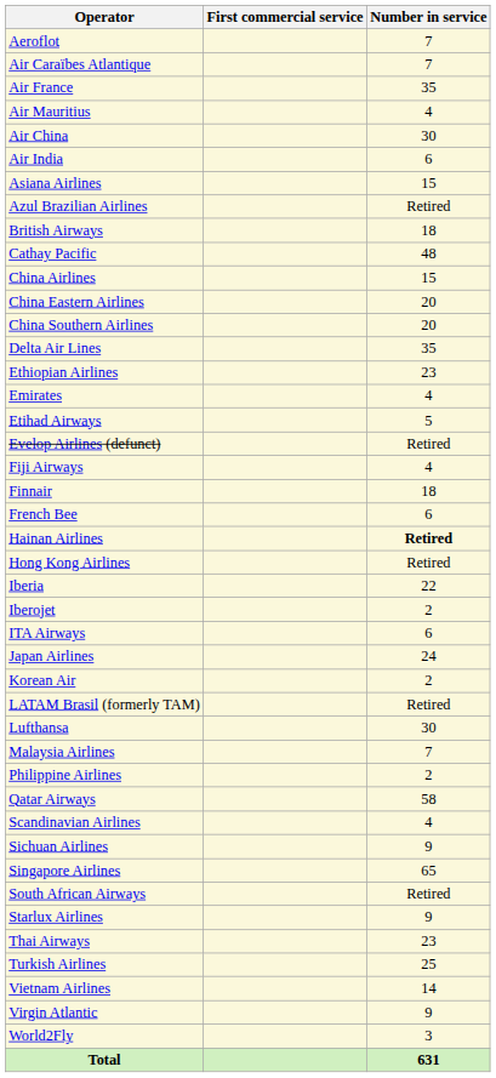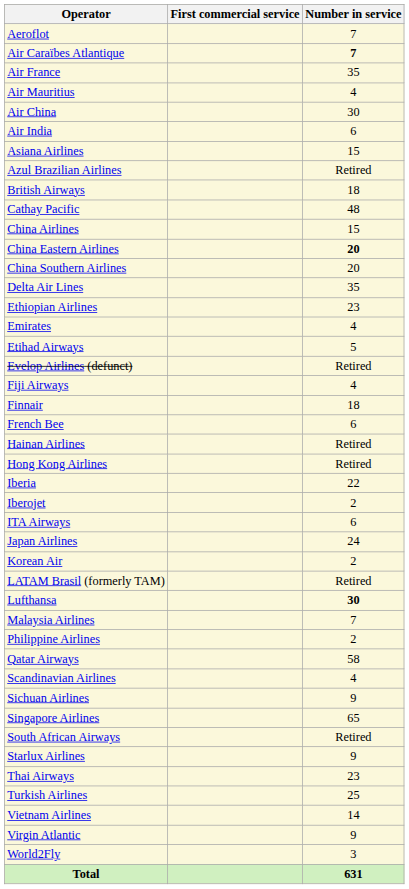 <table class="wikitable sortable sticky-header mw-collapsible" style="text-align:center; background:#fbf8db">
 <tr style="background:#cdf;">
 <th>Operator</th>
 <th>First commercial service</th>
 <th>Number in service</th>
 </tr>
 <tr>
 <td style="text-align:left;"><a href='#'>Aeroflot</a></td>
 <td></td>
 <td>7</td>
 </tr>
 <tr>
 <td style="text-align:left;"><a href='#'>Air Caraïbes Atlantique</a></td>
 <td></td>
-<td>7</td>
+<td><strong>7</strong></td>
 </tr>
 <tr>
 <td align='left'><a href='#'>Air France</a></td>
 <td></td>
 <td>35</td>
 </tr>
 <tr>
 <td style="text-align:left;"><a href='#'>Air Mauritius</a></td>
 <td></td>
 <td>4</td>
 </tr>
 <tr>
 <td style="text-align:left;"><a href='#'>Air China</a></td>
 <td></td>
 <td>30</td>
 </tr>
 <tr>
 <td align='left'><a href='#'>Air India</a></td>
 <td></td>
 <td>6</td>
 </tr>
 <tr>
 <td style="text-align:left;"><a href='#'>Asiana Airlines</a></td>
 <td></td>
 <td>15</td>
 </tr>
 <tr>
 <td align='left'><a href='#'>Azul Brazilian Airlines</a></td>
 <td></td>
 <td>Retired</td>
 </tr>
 <tr>
 <td style="text-align:left;"><a href='#'>British Airways</a></td>
 <td></td>
 <td>18</td>
 </tr>
 <tr>
 <td style="text-align:left;"><a href='#'>Cathay Pacific</a></td>
 <td></td>
 <td>48</td>
 </tr>
 <tr>
 <td align='left'><a href='#'>China Airlines</a></td>
 <td></td>
 <td>15</td>
 </tr>
 <tr>
 <td align='left'><a href='#'>China Eastern Airlines</a></td>
 <td></td>
-<td>20</td>
+<td><strong>20</strong></td>
 </tr>
 <tr>
 <td align='left'><a href='#'>China Southern Airlines</a></td>
 <td></td>
 <td>20</td>
 </tr>
 <tr>
 <td style="text-align:left;"><a href='#'>Delta Air Lines</a></td>
 <td></td>
 <td>35</td>
 </tr>
 <tr>
 <td align='left'><a href='#'>Ethiopian Airlines</a></td>
 <td></td>
 <td>23</td>
 </tr>
 <tr>
 <td align='left'><a href='#'>Emirates</a></td>
 <td></td>
 <td>4</td>
 </tr>
 <tr>
 <td align='left'><a href='#'>Etihad Airways</a></td>
 <td></td>
 <td>5</td>
 </tr>
 <tr>
 <td align='left'><s><a href='#'>Evelop Airlines</a> (defunct)</s></td>
 <td></td>
 <td>Retired</td>
 </tr>
 <tr>
 <td align='left'><a href='#'>Fiji Airways</a></td>
 <td></td>
 <td>4</td>
 </tr>
 <tr>
 <td align='left'><a href='#'>Finnair</a></td>
 <td></td>
 <td>18</td>
 </tr>
 <tr>
 <td align='left'><a href='#'>French Bee</a></td>
 <td></td>
 <td>6</td>
 </tr>
 <tr>
 <td align='left'><a href='#'>Hainan Airlines</a></td>
 <td></td>
-<td><strong>Retired</strong></td>
+<td>Retired</td>
 </tr>
 <tr>
 <td align='left'><a href='#'>Hong Kong Airlines</a></td>
 <td></td>
 <td>Retired</td>
 </tr>
 <tr>
 <td align='left'><a href='#'>Iberia</a></td>
 <td></td>
 <td>22</td>
 </tr>
 <tr>
 <td align='left'><a href='#'>Iberojet</a></td>
 <td></td>
 <td>2</td>
 </tr>
 <tr>
 <td align='left'><a href='#'>ITA Airways</a></td>
 <td></td>
 <td>6</td>
 </tr>
 <tr>
 <td align='left'><a href='#'>Japan Airlines</a></td>
 <td></td>
 <td>24</td>
 </tr>
 <tr>
 <td align='left'><a href='#'>Korean Air</a></td>
 <td></td>
 <td>2</td>
 </tr>
 <tr>
 <td align='left'><a href='#'>LATAM Brasil</a> (formerly TAM)</td>
 <td></td>
 <td>Retired</td>
 </tr>
 <tr>
 <td align='left'><a href='#'>Lufthansa</a></td>
 <td></td>
-<td>30</td>
+<td><strong>30</strong></td>
 </tr>
 <tr>
 <td style="text-align:left;"><a href='#'>Malaysia Airlines</a></td>
 <td></td>
 <td>7</td>
 </tr>
 <tr>
 <td align='left'><a href='#'>Philippine Airlines</a></td>
 <td></td>
 <td>2</td>
 </tr>
 <tr>
 <td align='left'><a href='#'>Qatar Airways</a></td>
 <td></td>
 <td>58</td>
 </tr>
 <tr>
 <td align='left'><a href='#'>Scandinavian Airlines</a></td>
 <td></td>
 <td>4</td>
 </tr>
 <tr>
 <td align='left'><a href='#'>Sichuan Airlines</a></td>
 <td></td>
 <td>9</td>
 </tr>
 <tr>
 <td align='left'><a href='#'>Singapore Airlines</a></td>
 <td></td>
 <td>65</td>
 </tr>
 <tr>
 <td align='left'><a href='#'>South African Airways</a></td>
 <td></td>
 <td>Retired</td>
 </tr>
 <tr>
 <td align='left'><a href='#'>Starlux Airlines</a></td>
 <td></td>
 <td>9</td>
 </tr>
 <tr>
 <td align='left'><a href='#'>Thai Airways</a></td>
 <td></td>
 <td>23</td>
 </tr>
 <tr>
 <td align='left'><a href='#'>Turkish Airlines</a></td>
 <td></td>
 <td>25</td>
 </tr>
 <tr>
 <td align='left'><a href='#'>Vietnam Airlines</a></td>
 <td></td>
 <td>14</td>
 </tr>
 <tr>
 <td align='left'><a href='#'>Virgin Atlantic</a></td>
 <td></td>
 <td>9</td>
 </tr>
 <tr>
 <td align='left'><a href='#'>World2Fly</a></td>
 <td></td>
 <td>3</td>
 </tr>
 <tr class="sortbottom" style="font-weight:bold; background:#d0f0c0">
 <td>Total</td>
 <td></td>
 <td>631</td>
 </tr>
 </table>
